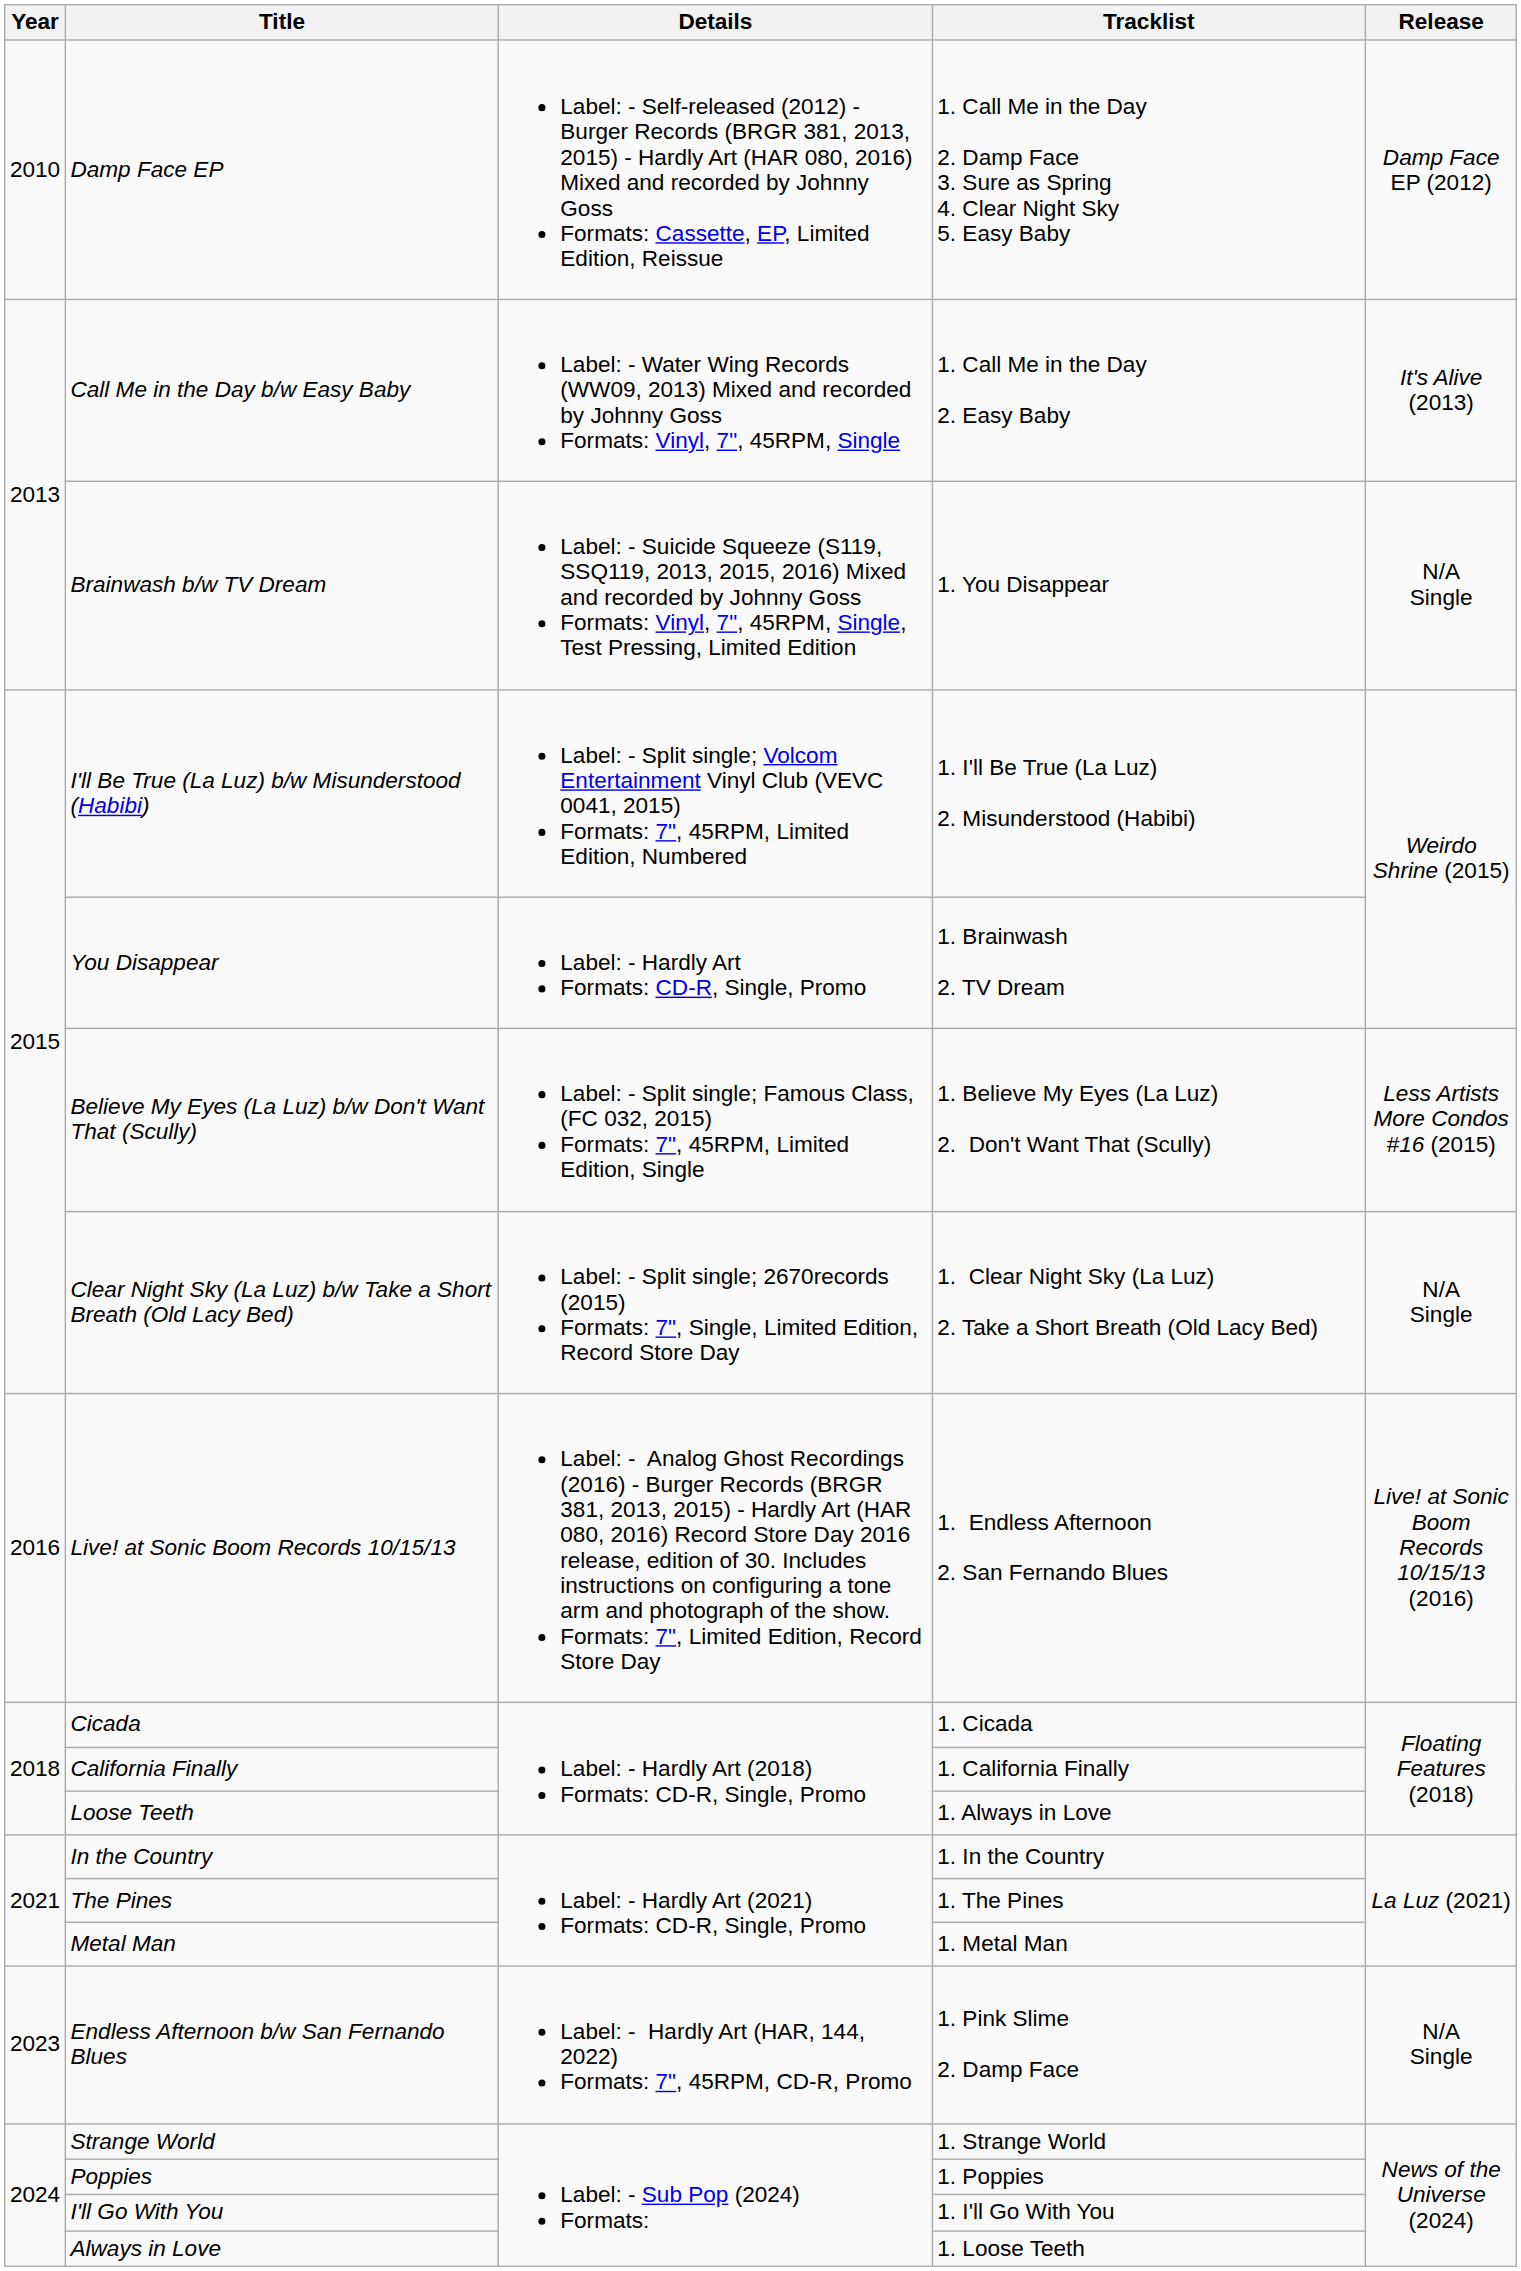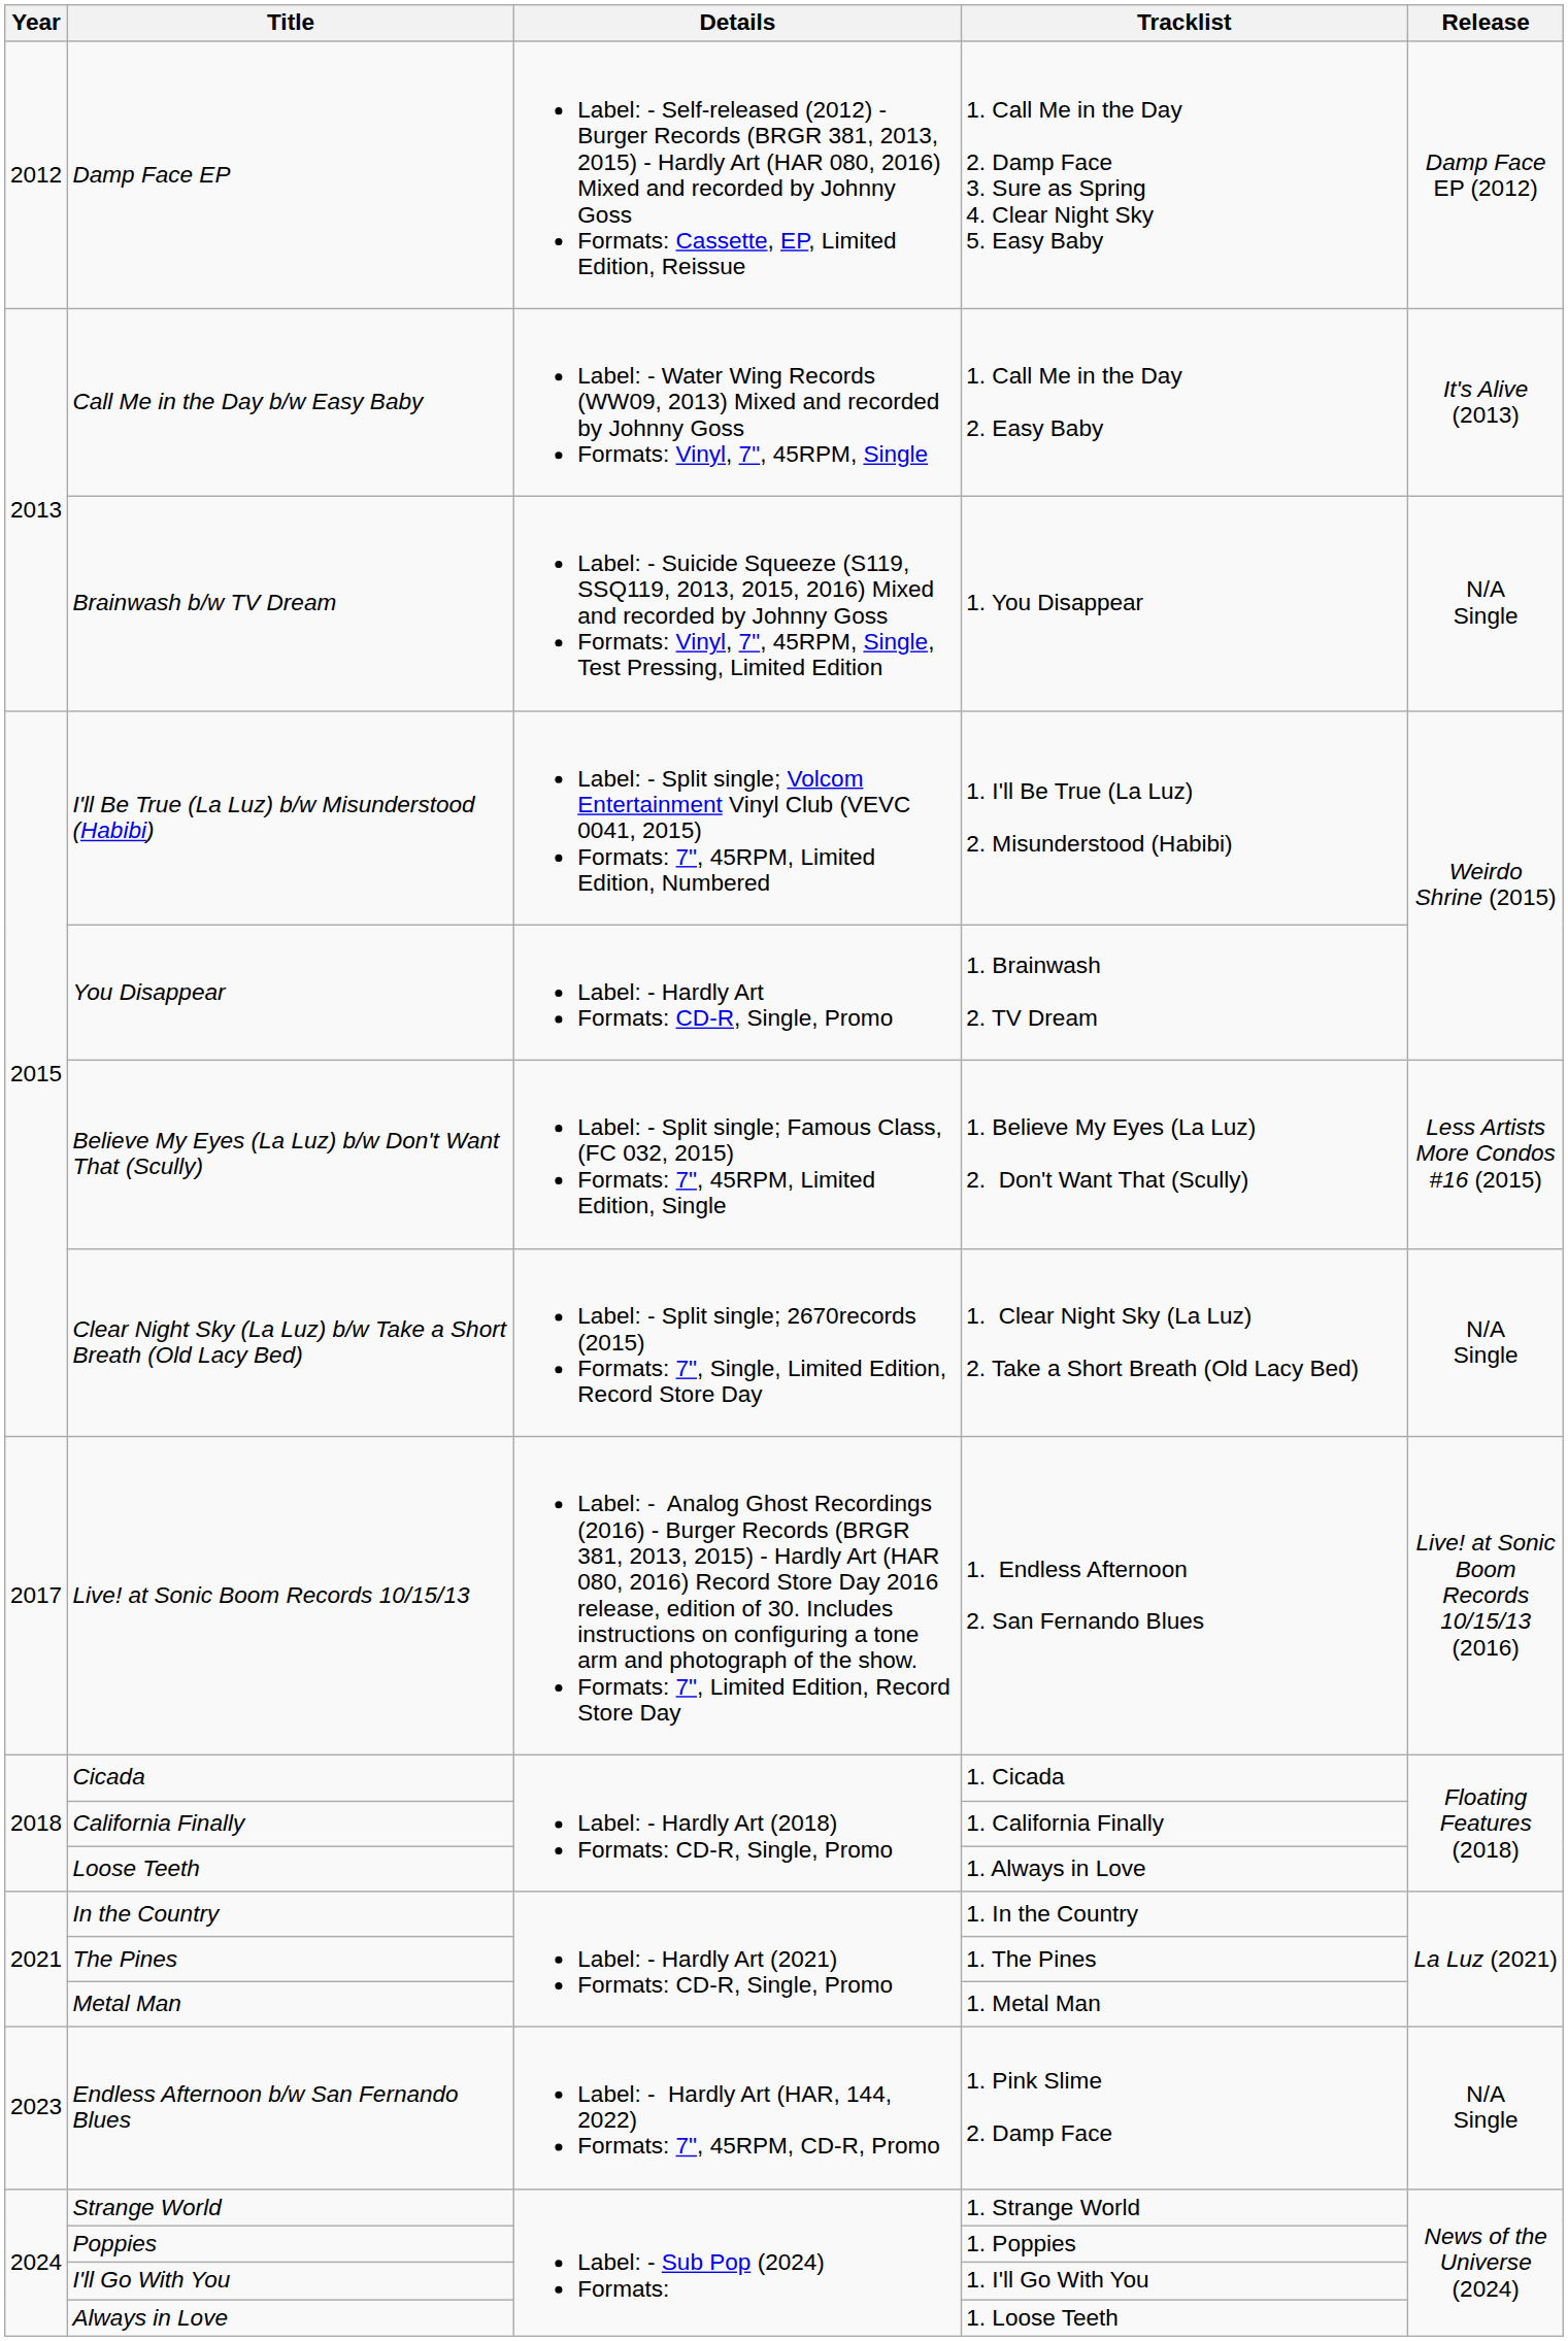 <table class="wikitable" style="background: ; text-align:left;">
 <tr>
 <th width="15" style="background:  ">Year</th>
 <th width="300" style="background: ">Title</th>
 <th width="300" style="background: ">Details</th>
 <th width="300" style="background: ">Tracklist</th>
 <th width="100" style="background: ">Release</th>
 </tr>
 <tr>
-<td style="background: ">2010</td>
+<td style="background: ">2012</td>
 <td style="background: " align="left"><em>Damp Face EP</em></td>
 <td><br><ul><li>Label: - Self-released (2012) - Burger Records (BRGR 381, 2013, 2015) - Hardly Art (HAR 080, 2016) Mixed and recorded by Johnny Goss</li><li>Formats: <a href='#'>Cassette</a>, <a href='#'>EP</a>, Limited Edition, Reissue</li></ul></td>
 <td>1. Call Me in the Day<br><br>2. Damp Face<br> 3. Sure as Spring<br> 4. Clear Night Sky<br> 5. Easy Baby</td>
 <td rowspan="1" align="center"><em>Damp Face</em> EP (2012)</td>
 </tr>
 <tr>
 <td rowspan="2" align="center">2013</td>
 <td style="background: " align="left"><em>Call Me in the Day b/w Easy Baby</em></td>
 <td><br><ul><li>Label: - Water Wing Records (WW09, 2013) Mixed and recorded by Johnny Goss</li><li>Formats: <a href='#'>Vinyl</a>, <a href='#'>7"</a>, 45RPM, <a href='#'>Single</a></li></ul></td>
 <td>1. Call Me in the Day<br><br>2. Easy Baby</td>
 <td align="center" rowspan="1"><em>It's Alive</em> (2013)</td>
 </tr>
 <tr>
 <td style="background: " align="left"><em>Brainwash b/w TV Dream</em></td>
 <td><br><ul><li>Label: - Suicide Squeeze (S119, SSQ119, 2013, 2015, 2016) Mixed and recorded by Johnny Goss</li><li>Formats: <a href='#'>Vinyl</a>, <a href='#'>7"</a>, 45RPM, <a href='#'>Single</a>, Test Pressing, Limited Edition</li></ul></td>
 <td>1. You Disappear</td>
 <td align="center" rowspan="1">N/A<br>Single</td>
 </tr>
 <tr>
 <td rowspan="4" align="center">2015</td>
 <td style="background: " align="left"><em>I'll Be True (La Luz) b/w Misunderstood (<a href='#'>Habibi</a>)</em></td>
 <td><br><ul><li>Label: - Split single; <a href='#'>Volcom Entertainment</a> Vinyl Club (VEVC 0041, 2015)</li><li>Formats: <a href='#'>7"</a>, 45RPM, Limited Edition, Numbered</li></ul></td>
 <td>1. I'll Be True (La Luz)<br><br>2. Misunderstood (Habibi)</td>
 <td rowspan="2" align="center"><em>Weirdo Shrine</em> (2015)</td>
 </tr>
 <tr>
 <td style="background: " align="left"><em>You Disappear</em></td>
 <td><br><ul><li>Label: - Hardly Art  </li><li>Formats: <a href='#'>CD-R</a>, Single, Promo</li></ul></td>
 <td>1. Brainwash<br><br>2. TV Dream</td>
 </tr>
 <tr>
 <td style="background: " align="left"><em>Believe My Eyes (La Luz) b/w Don't Want That (Scully)</em></td>
 <td><br><ul><li>Label: - Split single; Famous Class, (FC 032, 2015)</li><li>Formats: <a href='#'>7"</a>, 45RPM, Limited Edition, Single</li></ul></td>
 <td>1. Believe My Eyes (La Luz)<br><br>2.  Don't Want That (Scully)</td>
 <td rowspan="1" align="center"><em>Less Artists More Condos #16</em> (2015)</td>
 </tr>
 <tr>
 <td style="background: " align="left"><em>Clear Night Sky (La Luz) b/w Take a Short Breath (Old Lacy Bed)</em></td>
 <td><br><ul><li>Label: - Split single; 2670records (2015)</li><li>Formats: <a href='#'>7"</a>, Single, Limited Edition, Record Store Day</li></ul></td>
 <td>1.  Clear Night Sky (La Luz)<br><br>2. Take a Short Breath (Old Lacy Bed)</td>
 <td rowspan="1" align="center">N/A<br>Single</td>
 </tr>
 <tr>
-<td style="background: ">2016</td>
+<td style="background: ">2017</td>
 <td style="background: " align="left"><em>Live! at Sonic Boom Records 10/15/13</em></td>
 <td><br><ul><li>Label: -  Analog Ghost Recordings (2016) - Burger Records (BRGR 381, 2013, 2015) - Hardly Art (HAR 080, 2016) Record Store Day 2016 release, edition of 30. Includes instructions on configuring a tone arm and photograph of the show.</li><li>Formats: <a href='#'>7"</a>, Limited Edition, Record Store Day</li></ul></td>
 <td>1.  Endless Afternoon<br><br>2. San Fernando Blues</td>
 <td rowspan="1" align="center"><em>Live! at Sonic Boom Records 10/15/13</em> (2016)</td>
 </tr>
 <tr>
 <td rowspan="3" align="center">2018</td>
 <td style="background: " align="left"><em>Cicada</em></td>
 <td rowspan="3" align="left"><br><ul><li>Label: - Hardly Art (2018)</li><li>Formats: CD-R, Single, Promo</li></ul></td>
 <td>1. Cicada</td>
 <td rowspan="3" align="center"><em>Floating Features</em> (2018)</td>
 </tr>
 <tr>
 <td style="background: " align="left"><em>California Finally</em></td>
 <td>1. California Finally</td>
 </tr>
 <tr>
 <td style="background: " align="left"><em>Loose Teeth</em></td>
 <td>1. Always in Love</td>
 </tr>
 <tr>
 <td rowspan="3" align="center">2021</td>
 <td style="background: " align="left"><em>In the Country</em></td>
 <td rowspan="3" align="left"><br><ul><li>Label: - Hardly Art (2021)</li><li>Formats: CD-R, Single, Promo</li></ul></td>
 <td>1. In the Country</td>
 <td rowspan="3" align="center"><em>La Luz</em> (2021)</td>
 </tr>
 <tr>
 <td style="background: " align="left"><em>The Pines</em></td>
 <td>1. The Pines</td>
 </tr>
 <tr>
 <td style="background: " align="left"><em>Metal Man</em></td>
 <td>1. Metal Man  </td>
 </tr>
 <tr>
 <td>2023</td>
 <td style="background: " align="left"><em>Endless Afternoon b/w San Fernando Blues</em></td>
 <td><br><ul><li>Label: -  Hardly Art (HAR, 144, 2022)</li><li>Formats: <a href='#'>7"</a>, 45RPM, CD-R, Promo</li></ul></td>
 <td>1. Pink Slime<br><br>2. Damp Face</td>
 <td rowspan="1" align="center">N/A<br>Single</td>
 </tr>
 <tr>
 <td rowspan="4" align="center">2024</td>
 <td style="background: " align="left"><em>Strange World</em></td>
 <td rowspan="4" align="left"><br><ul><li>Label: - <a href='#'>Sub Pop</a> (2024)</li><li>Formats:</li></ul></td>
 <td>1. Strange World</td>
 <td rowspan="4" align="center"><em>News of the Universe</em> (2024)</td>
 </tr>
 <tr>
 <td style="background: " align="left"><em>Poppies</em></td>
 <td>1. Poppies</td>
 </tr>
 <tr>
 <td style="background: " align="left"><em>I'll Go With You</em></td>
 <td>1. I'll Go With You</td>
 </tr>
 <tr>
 <td style="background: " align="left"><em>Always in Love</em></td>
 <td>1. Loose Teeth</td>
 </tr>
 </table>
